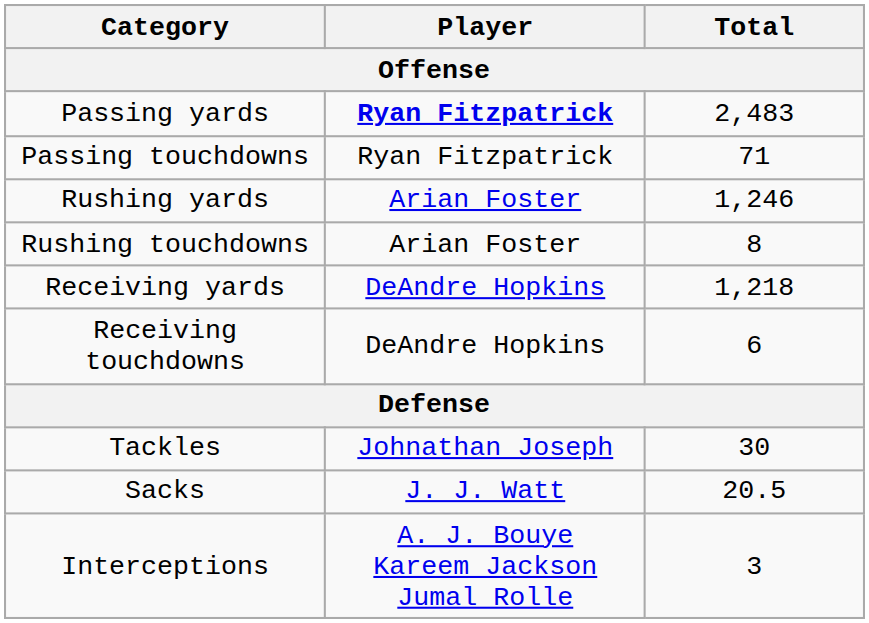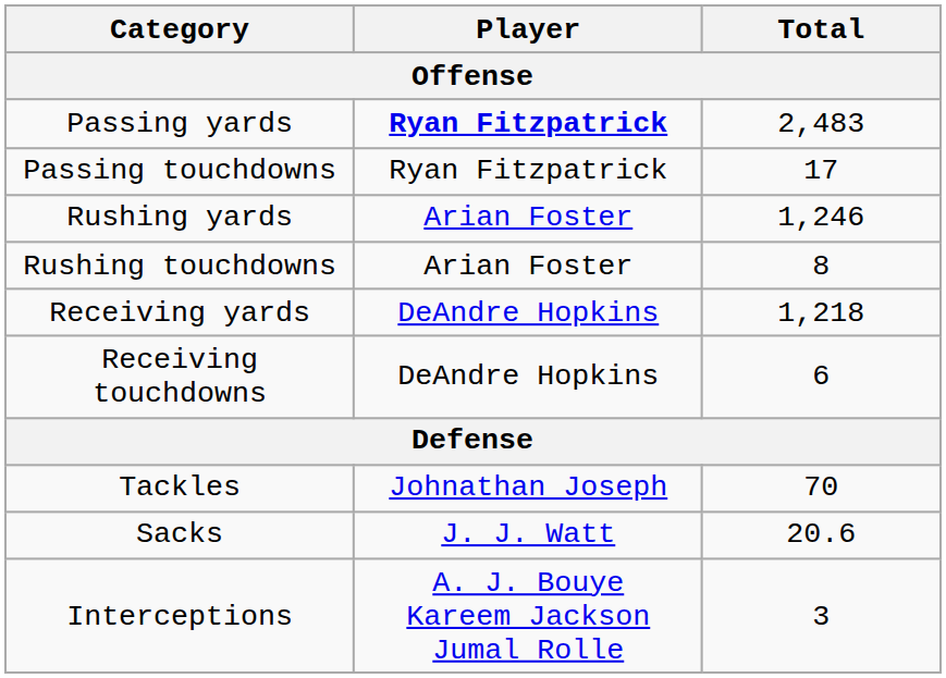 <table class="wikitable" style="text-align:center">
 <tr>
 <th width="150">Category</th>
 <th width="150">Player</th>
 <th width="100">Total</th>
 </tr>
 <tr>
 <th align="center" colspan="4">Offense</th>
 </tr>
 <tr>
 <td>Passing yards</td>
 <td><strong><a href='#'>Ryan Fitzpatrick</a></strong></td>
 <td>2,483</td>
 </tr>
 <tr>
 <td>Passing touchdowns</td>
 <td>Ryan Fitzpatrick</td>
-<td>71</td>
+<td>17</td>
 </tr>
 <tr>
 <td>Rushing yards</td>
 <td><a href='#'>Arian Foster</a></td>
 <td>1,246</td>
 </tr>
 <tr>
 <td>Rushing touchdowns</td>
 <td>Arian Foster</td>
 <td>8</td>
 </tr>
 <tr>
 <td>Receiving yards</td>
 <td><a href='#'>DeAndre Hopkins</a></td>
 <td>1,218</td>
 </tr>
 <tr>
 <td>Receiving touchdowns</td>
 <td>DeAndre Hopkins</td>
 <td>6</td>
 </tr>
 <tr>
 <th align="center" colspan="4">Defense</th>
 </tr>
 <tr>
 <td>Tackles </td>
 <td><a href='#'>Johnathan Joseph</a></td>
-<td>30</td>
+<td>70</td>
 </tr>
 <tr>
 <td>Sacks</td>
 <td><a href='#'>J. J. Watt</a></td>
-<td>20.5</td>
+<td>20.6</td>
 </tr>
 <tr>
 <td>Interceptions</td>
 <td><a href='#'>A. J. Bouye</a><br><a href='#'>Kareem Jackson</a><br><a href='#'>Jumal Rolle</a></td>
 <td>3</td>
 </tr>
 </table>
